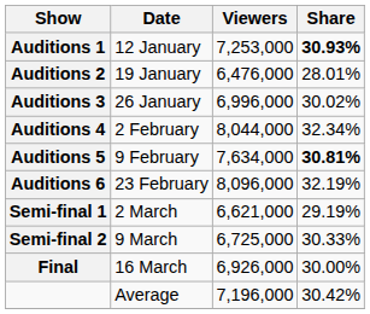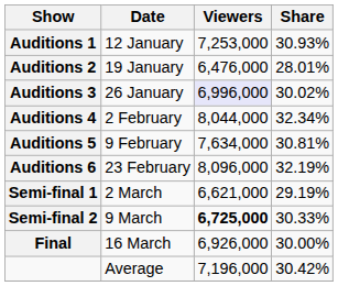 <table class="wikitable">
 <tr>
 <th>Show</th>
 <th>Date</th>
 <th>Viewers</th>
 <th>Share</th>
 </tr>
 <tr>
 <th scope="row">Auditions 1</th>
 <td>12 January</td>
 <td>7,253,000</td>
-<td><strong>30.93%</strong></td>
+<td>30.93%</td>
 </tr>
 <tr>
 <th scope="row">Auditions 2</th>
 <td>19 January</td>
 <td>6,476,000</td>
 <td>28.01%</td>
 </tr>
 <tr>
 <th scope="row">Auditions 3</th>
 <td>26 January</td>
-<td>6,996,000</td>
+<td style="background: lavender;">6,996,000</td>
 <td>30.02%</td>
 </tr>
 <tr>
 <th scope="row">Auditions 4</th>
 <td>2 February</td>
 <td>8,044,000</td>
 <td>32.34%</td>
 </tr>
 <tr>
 <th scope="row">Auditions 5</th>
 <td>9 February</td>
 <td>7,634,000</td>
-<td><strong>30.81%</strong></td>
+<td>30.81%</td>
 </tr>
 <tr>
 <th scope="row">Auditions 6</th>
 <td>23 February</td>
 <td>8,096,000</td>
 <td>32.19%</td>
 </tr>
 <tr>
 <th>Semi-final 1</th>
 <td>2 March</td>
 <td>6,621,000</td>
 <td>29.19%</td>
 </tr>
 <tr>
 <th>Semi-final 2</th>
 <td>9 March</td>
-<td>6,725,000</td>
+<td><strong>6,725,000</strong></td>
 <td>30.33%</td>
 </tr>
 <tr>
 <th>Final</th>
 <td>16 March</td>
 <td>6,926,000</td>
 <td>30.00%</td>
 </tr>
 <tr>
 <td></td>
 <td>Average</td>
 <td>7,196,000</td>
 <td>30.42%</td>
 </tr>
 <tr>
 </tr>
 </table>
